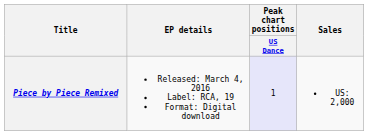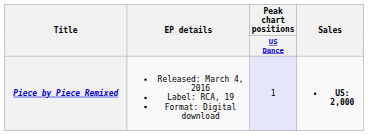 <table class="wikitable plainrowheaders" style="text-align:center;">
 <tr>
 <th scope="col" rowspan="2" style="width:15em;">Title</th>
 <th scope="col" rowspan="2" style="width:15em;">EP details</th>
 <th scope="col">Peak chart positions</th>
 <th scope="col" rowspan="2" style="width:8em;">Sales</th>
 </tr>
 <tr>
 <th scope="col" style="width:2.5em;font-size:90%;"><a href='#'>US<br>Dance</a><br></th>
 </tr>
 <tr>
 <th scope="row"><em><a href='#'>Piece by Piece Remixed</a></em></th>
 <td><br><ul><li>Released: March 4, 2016</li><li>Label: RCA, 19</li><li>Format: Digital download</li></ul></td>
 <td style="background: lavender;">1</td>
-<td><br><ul><li>US: 2,000</li></ul></td>
+<td><strong><br><ul><li>US: 2,000</li></ul></strong></td>
 </tr>
 </table>
